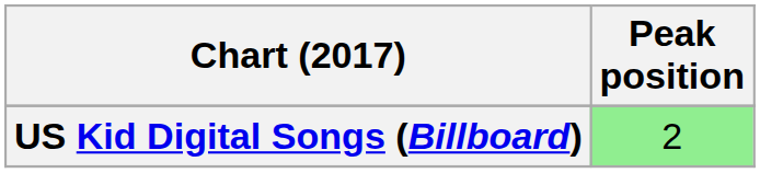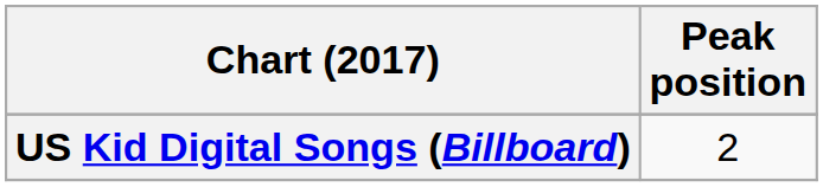 <table class="wikitable sortable plainrowheaders" style="text-align:center"">
 <tr>
 <th scope="col">Chart (2017)</th>
 <th scope="col">Peak<br>position</th>
 </tr>
 <tr>
 </tr>
 <tr>
 <th scope="row">US <a href='#'>Kid Digital Songs</a> (<em><a href='#'>Billboard</a></em>)</th>
-<td style="background: lightgreen; text-align:center;">2</td>
+<td style="text-align:center;">2</td>
 </tr>
 <tr>
 </tr>
 </table>
